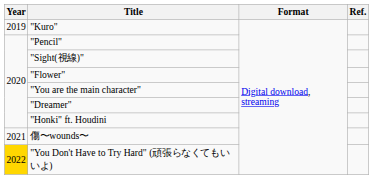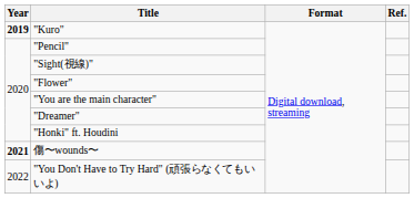 <table class="wikitable plainrowheaders">
 <tr>
 <th>Year</th>
 <th>Title</th>
 <th>Format</th>
 <th>Ref.</th>
 </tr>
 <tr>
-<td>2019</td>
+<td><strong>2019</strong></td>
 <td>"Kuro"</td>
 <td rowspan="9"><a href='#'>Digital download</a>, <a href='#'>streaming</a></td>
 <td></td>
 </tr>
 <tr>
 <td rowspan="6">2020</td>
 <td>"Pencil"</td>
 <td></td>
 </tr>
 <tr>
 <td>"Sight(視線)"</td>
 <td></td>
 </tr>
 <tr>
 <td>"Flower"</td>
 <td></td>
 </tr>
 <tr>
 <td>"You are the main character"</td>
 <td></td>
 </tr>
 <tr>
 <td>"Dreamer"</td>
 <td></td>
 </tr>
 <tr>
 <td>"Honki" ft. Houdini</td>
 <td></td>
 </tr>
 <tr>
-<td>2021</td>
+<td><strong>2021</strong></td>
 <td>傷〜wounds〜</td>
 <td></td>
 </tr>
 <tr>
-<td style="background: gold;">2022</td>
+<td>2022</td>
 <td>"You Don't Have to Try Hard" (頑張らなくてもいいよ)</td>
 <td></td>
 </tr>
 </table>
